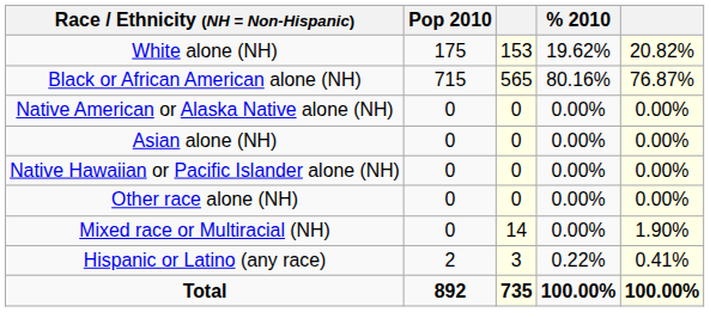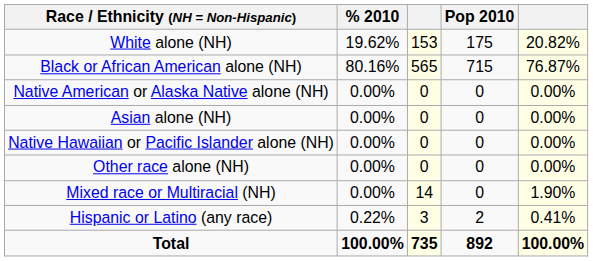 <table class="wikitable" style="text-align:center;">
 <tr>
 <th>Race / Ethnicity <small>(<em>NH = Non-Hispanic</em>)</small></th>
+<th>% 2010</th>
+<th></th>
 <th>Pop 2010</th>
-<th></th>
-<th>% 2010</th>
 <th></th>
 </tr>
 <tr>
 <td><a href='#'>White</a> alone (NH)</td>
+<td>19.62%</td>
+<td style='background: #ffffe6;'>153</td>
 <td>175</td>
-<td style='background: #ffffe6;'>153</td>
-<td>19.62%</td>
 <td style='background: #ffffe6;'>20.82%</td>
 </tr>
 <tr>
 <td><a href='#'>Black or African American</a> alone (NH)</td>
+<td>80.16%</td>
+<td style='background: #ffffe6;'>565</td>
 <td>715</td>
-<td style='background: #ffffe6;'>565</td>
-<td>80.16%</td>
 <td style='background: #ffffe6;'>76.87%</td>
 </tr>
 <tr>
 <td><a href='#'>Native American</a> or <a href='#'>Alaska Native</a> alone (NH)</td>
+<td>0.00%</td>
+<td style='background: #ffffe6;'>0</td>
 <td>0</td>
-<td style='background: #ffffe6;'>0</td>
-<td>0.00%</td>
 <td style='background: #ffffe6;'>0.00%</td>
 </tr>
 <tr>
 <td><a href='#'>Asian</a> alone (NH)</td>
+<td>0.00%</td>
+<td style='background: #ffffe6;'>0</td>
 <td>0</td>
-<td style='background: #ffffe6;'>0</td>
-<td>0.00%</td>
 <td style='background: #ffffe6;'>0.00%</td>
 </tr>
 <tr>
 <td><a href='#'>Native Hawaiian</a> or <a href='#'>Pacific Islander</a> alone (NH)</td>
+<td>0.00%</td>
+<td style='background: #ffffe6;'>0</td>
 <td>0</td>
-<td style='background: #ffffe6;'>0</td>
-<td>0.00%</td>
 <td style='background: #ffffe6;'>0.00%</td>
 </tr>
 <tr>
 <td><a href='#'>Other race</a> alone (NH)</td>
+<td>0.00%</td>
+<td style='background: #ffffe6;'>0</td>
 <td>0</td>
-<td style='background: #ffffe6;'>0</td>
-<td>0.00%</td>
 <td style='background: #ffffe6;'>0.00%</td>
 </tr>
 <tr>
 <td><a href='#'>Mixed race or Multiracial</a> (NH)</td>
+<td>0.00%</td>
+<td style='background: #ffffe6;'>14</td>
 <td>0</td>
-<td style='background: #ffffe6;'>14</td>
-<td>0.00%</td>
 <td style='background: #ffffe6;'>1.90%</td>
 </tr>
 <tr>
 <td><a href='#'>Hispanic or Latino</a> (any race)</td>
+<td>0.22%</td>
+<td style='background: #ffffe6;'>3</td>
 <td>2</td>
-<td style='background: #ffffe6;'>3</td>
-<td>0.22%</td>
 <td style='background: #ffffe6;'>0.41%</td>
 </tr>
 <tr>
 <td><strong>Total</strong></td>
+<td><strong>100.00%</strong></td>
+<td style='background: #ffffe6;'><strong>735</strong></td>
 <td><strong>892</strong></td>
-<td style='background: #ffffe6;'><strong>735</strong></td>
-<td><strong>100.00%</strong></td>
 <td style='background: #ffffe6;'><strong>100.00%</strong></td>
 </tr>
 </table>
